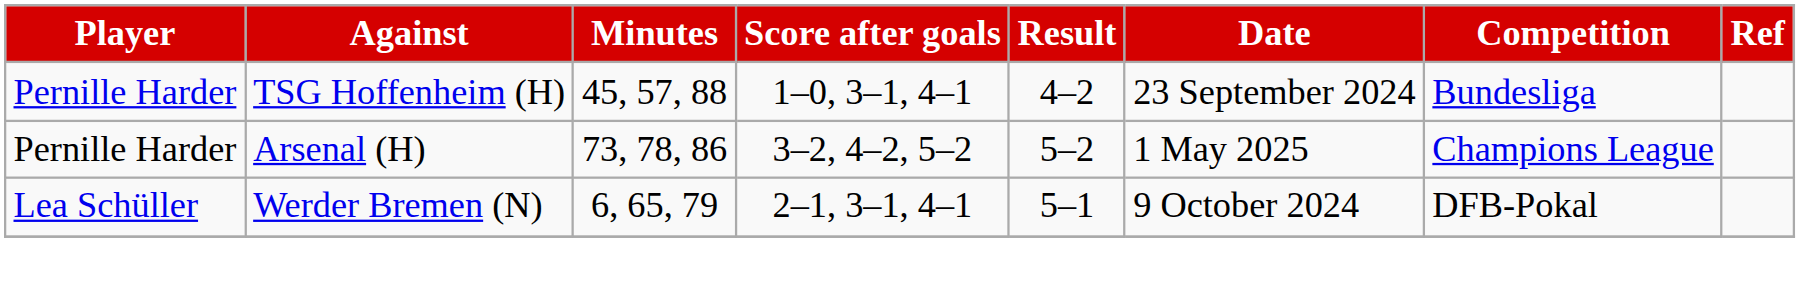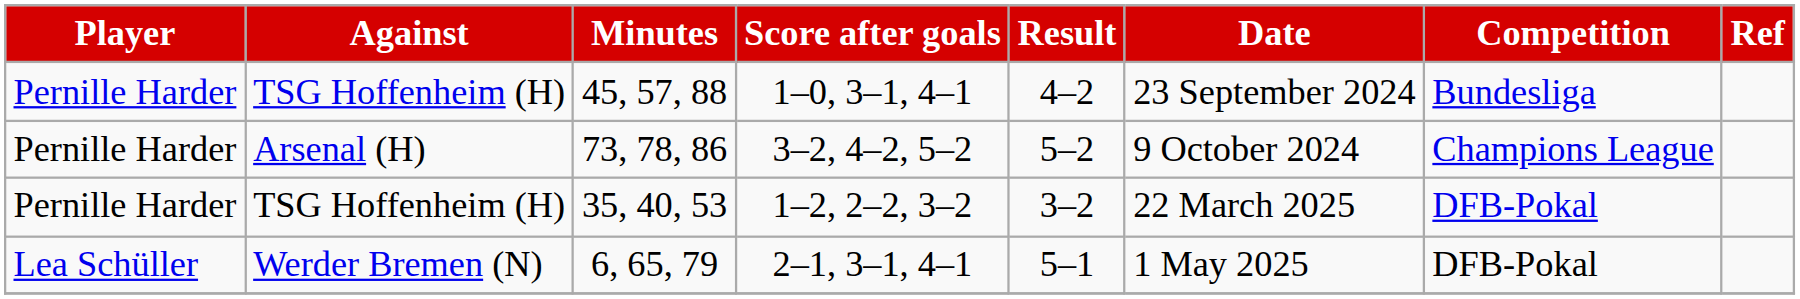 <table class="wikitable">
 <tr>
 <th style="background:#D50000; color:#FFFFFF; ">Player</th>
 <th style="background:#D50000; color:#FFFFFF; ">Against</th>
 <th style="background:#D50000; color:#FFFFFF; text-align:center; ">Minutes</th>
 <th style="background:#D50000; color:#FFFFFF; text-align:center; ">Score after goals</th>
 <th style="background:#D50000; color:#FFFFFF; text-align:center; ">Result</th>
 <th style="background:#D50000; color:#FFFFFF; ">Date</th>
 <th style="background:#D50000; color:#FFFFFF; text-align:center; ">Competition</th>
 <th style="background:#D50000; color:#FFFFFF; ">Ref</th>
 </tr>
 <tr>
 <td> <a href='#'>Pernille Harder</a></td>
 <td><a href='#'>TSG Hoffenheim</a> (H)</td>
 <td style="text-align:center">45, 57, 88</td>
 <td style="text-align:center">1–0,  3–1,  4–1</td>
 <td style="text-align:center">4–2</td>
 <td>23 September 2024</td>
 <td><a href='#'>Bundesliga</a></td>
 <td></td>
 </tr>
 <tr>
 <td> Pernille Harder</td>
 <td><a href='#'>Arsenal</a> (H)</td>
 <td style="text-align:center">73, 78, 86</td>
 <td style="text-align:center">3–2,  4–2,  5–2</td>
 <td style="text-align:center">5–2</td>
-<td>1 May 2025</td>
+<td>9 October 2024</td>
 <td><a href='#'>Champions League</a></td>
+<td></td>
+</tr>
+<tr>
+<td> Pernille Harder</td>
+<td TSG 1899 Hoffenheim (women)>TSG Hoffenheim (H)</td>
+<td style="text-align:center">35, 40, 53</td>
+<td style="text-align:center">1–2,  2–2,  3–2</td>
+<td style="text-align:center">3–2</td>
+<td>22 March 2025</td>
+<td><a href='#'>DFB-Pokal</a></td>
 <td></td>
 </tr>
 <tr>
 <td> <a href='#'>Lea Schüller</a></td>
 <td><a href='#'>Werder Bremen</a> (N)</td>
 <td style="text-align:center">6, 65, 79</td>
 <td style="text-align:center">2–1,  3–1,  4–1</td>
 <td style="text-align:center">5–1</td>
-<td>9 October 2024</td>
+<td>1 May 2025</td>
 <td>DFB-Pokal</td>
 <td></td>
 </tr>
 <tr>
 </tr>
 </table>
